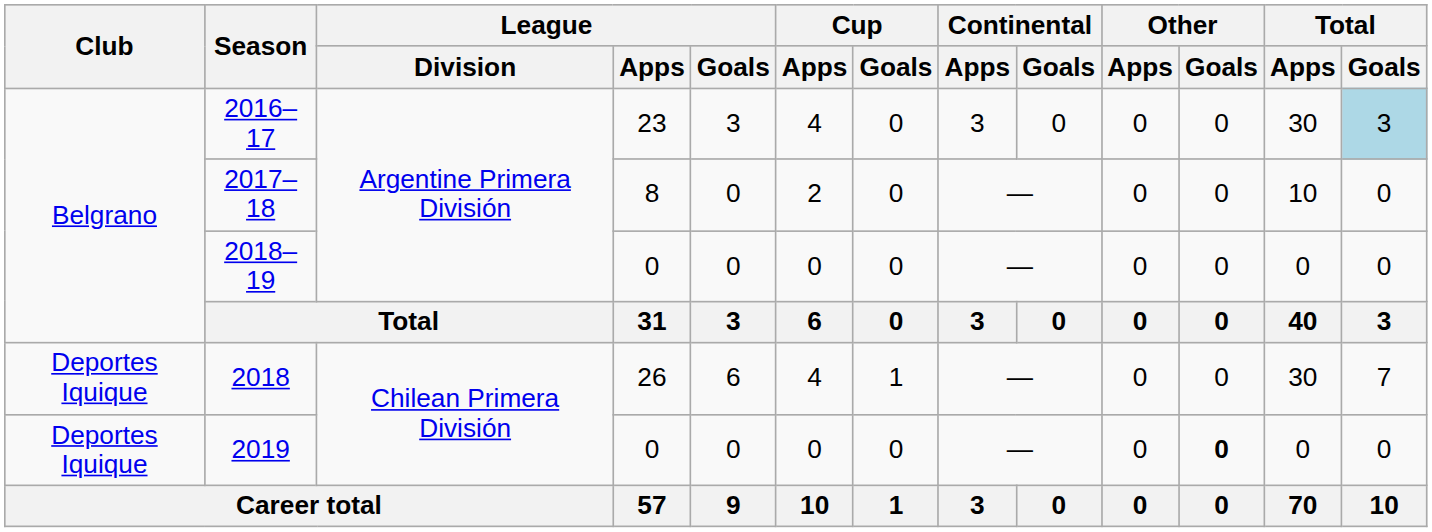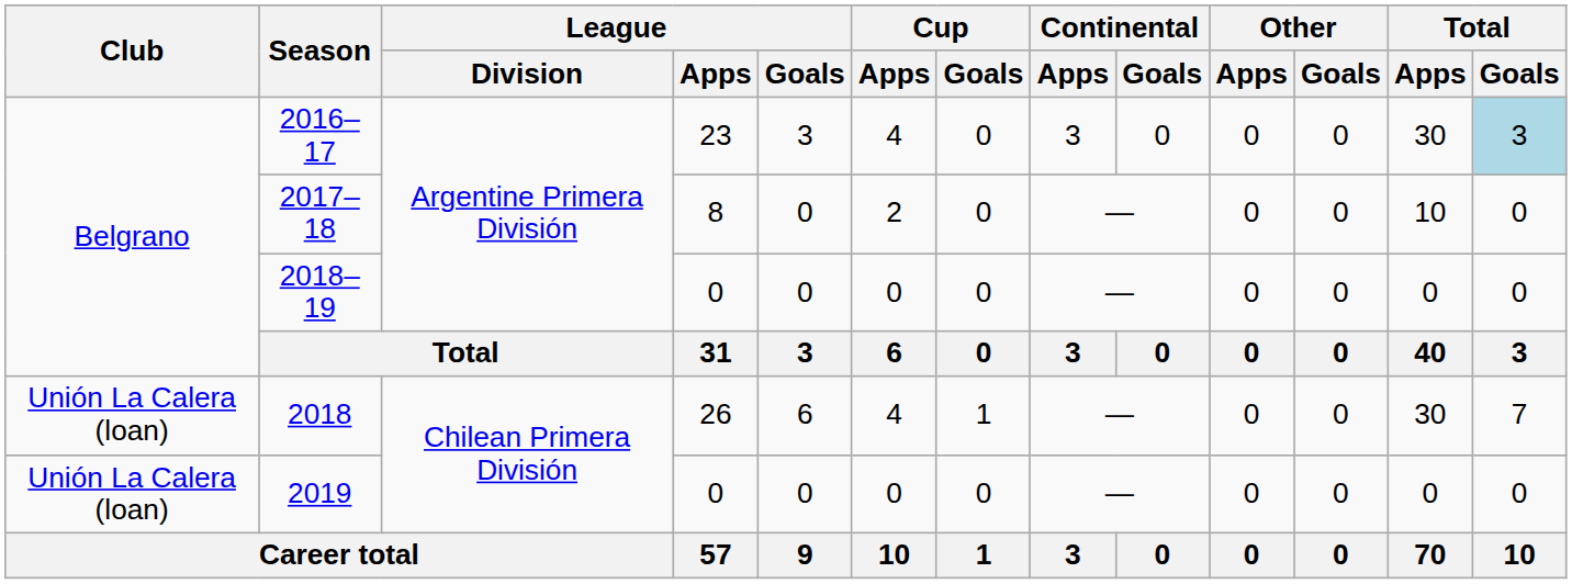 <table class="wikitable" style="text-align:center">
 <tr>
 <th rowspan="2">Club</th>
 <th rowspan="2">Season</th>
 <th colspan="3">League</th>
 <th colspan="2">Cup</th>
 <th colspan="2">Continental</th>
 <th colspan="2">Other</th>
 <th colspan="2">Total</th>
 </tr>
 <tr>
 <th>Division</th>
 <th>Apps</th>
 <th>Goals</th>
 <th>Apps</th>
 <th>Goals</th>
 <th>Apps</th>
 <th>Goals</th>
 <th>Apps</th>
 <th>Goals</th>
 <th>Apps</th>
 <th>Goals</th>
 </tr>
 <tr>
 <td rowspan="4"><a href='#'>Belgrano</a></td>
 <td><a href='#'>2016–17</a></td>
 <td rowspan="3"><a href='#'>Argentine Primera División</a></td>
 <td>23</td>
 <td>3</td>
 <td>4</td>
 <td>0</td>
 <td>3</td>
 <td>0</td>
 <td>0</td>
 <td>0</td>
 <td>30</td>
 <td style="background: lightblue;">3</td>
 </tr>
 <tr>
 <td><a href='#'>2017–18</a></td>
 <td>8</td>
 <td>0</td>
 <td>2</td>
 <td>0</td>
 <td colspan="2">—</td>
 <td>0</td>
 <td>0</td>
 <td>10</td>
 <td>0</td>
 </tr>
 <tr>
 <td><a href='#'>2018–19</a></td>
 <td>0</td>
 <td>0</td>
 <td>0</td>
 <td>0</td>
 <td colspan="2">—</td>
 <td>0</td>
 <td>0</td>
 <td>0</td>
 <td>0</td>
 </tr>
 <tr>
 <th colspan="2">Total</th>
 <th>31</th>
 <th>3</th>
 <th>6</th>
 <th>0</th>
 <th>3</th>
 <th>0</th>
 <th>0</th>
 <th>0</th>
 <th>40</th>
 <th>3</th>
 </tr>
 <tr>
-<td rowspan="1"><a href='#'>Deportes Iquique</a></td>
+<td rowspan="1"><a href='#'>Unión La Calera</a> (loan)</td>
 <td><a href='#'>2018</a></td>
 <td rowspan="2"><a href='#'>Chilean Primera División</a></td>
 <td>26</td>
 <td>6</td>
 <td>4</td>
 <td>1</td>
 <td colspan="2">—</td>
 <td>0</td>
 <td>0</td>
 <td>30</td>
 <td>7</td>
 </tr>
 <tr>
-<td rowspan="1"><a href='#'>Deportes Iquique</a></td>
+<td rowspan="1"><a href='#'>Unión La Calera</a> (loan)</td>
 <td><a href='#'>2019</a></td>
 <td>0</td>
 <td>0</td>
 <td>0</td>
 <td>0</td>
 <td colspan="2">—</td>
 <td>0</td>
-<td><strong>0</strong></td>
+<td>0</td>
 <td>0</td>
 <td>0</td>
 </tr>
 <tr>
 <th colspan="3">Career total</th>
 <th>57</th>
 <th>9</th>
 <th>10</th>
 <th>1</th>
 <th>3</th>
 <th>0</th>
 <th>0</th>
 <th>0</th>
 <th>70</th>
 <th>10</th>
 </tr>
 </table>
